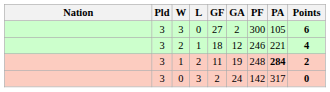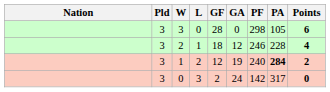 <table class=wikitable style="text-align:center">
 <tr>
 <th width=220>Nation</th>
 <th width=20>Pld</th>
 <th width=20>W</th>
 <th width=20>L</th>
 <th width=20>GF</th>
 <th width=20>GA</th>
 <th width=20>PF</th>
 <th width=20>PA</th>
 <th width=50>Points</th>
 </tr>
 <tr bgcolor="#ccffcc">
 <td align=left></td>
 <td>3</td>
 <td>3</td>
 <td>0</td>
-<td>27</td>
-<td>2</td>
-<td>300</td>
+<td>28</td>
+<td>0</td>
+<td>298</td>
 <td>105</td>
 <td><strong>6</strong></td>
 </tr>
 <tr bgcolor="#ccffcc">
 <td align=left></td>
 <td>3</td>
 <td>2</td>
 <td>1</td>
 <td>18</td>
 <td>12</td>
 <td>246</td>
-<td>221</td>
+<td>228</td>
 <td><strong>4</strong></td>
 </tr>
 <tr bgcolor="#fcccc">
 <td align=left></td>
 <td>3</td>
 <td>1</td>
 <td>2</td>
-<td>11</td>
+<td>12</td>
 <td>19</td>
-<td>248</td>
+<td>240</td>
 <td><strong>284</strong></td>
 <td><strong>2</strong></td>
 </tr>
 <tr bgcolor="#fcccc">
 <td align=left></td>
 <td>3</td>
 <td>0</td>
 <td>3</td>
 <td>2</td>
 <td>24</td>
 <td>142</td>
 <td>317</td>
 <td><strong>0</strong></td>
 </tr>
 </table>
